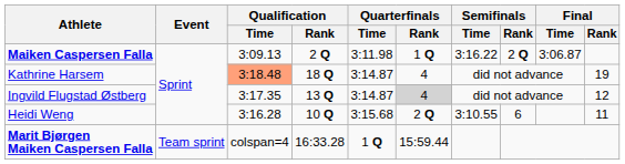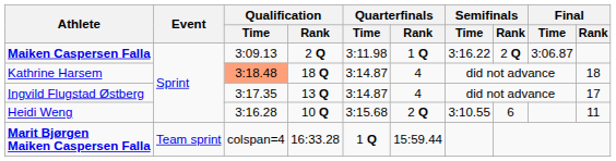 <table class="wikitable" style="font-size:90%">
 <tr>
 <th rowspan=2>Athlete</th>
 <th rowspan=2>Event</th>
 <th colspan=2>Qualification</th>
 <th colspan=2>Quarterfinals</th>
 <th colspan=2>Semifinals</th>
 <th colspan=2>Final</th>
 </tr>
 <tr style="font-size:95%">
 <th>Time</th>
 <th>Rank</th>
 <th>Time</th>
 <th>Rank</th>
 <th>Time</th>
 <th>Rank</th>
 <th>Time</th>
 <th>Rank</th>
 </tr>
 <tr align=center>
 <td align=left><strong><a href='#'>Maiken Caspersen Falla</a></strong></td>
 <td align=left rowspan=4><a href='#'>Sprint</a></td>
 <td>3:09.13</td>
 <td>2 <strong>Q</strong></td>
 <td>3:11.98</td>
 <td>1 <strong>Q</strong></td>
 <td>3:16.22</td>
 <td>2 <strong>Q</strong></td>
 <td>3:06.87</td>
 <td></td>
 </tr>
 <tr align=center>
 <td align=left><a href='#'>Kathrine Harsem</a></td>
 <td style="background: lightsalmon;">3:18.48</td>
 <td>18 <strong>Q</strong></td>
 <td>3:14.87</td>
 <td>4</td>
 <td colspan=3>did not advance</td>
-<td>19</td>
+<td>18</td>
 </tr>
 <tr align=center>
 <td align=left><a href='#'>Ingvild Flugstad Østberg</a></td>
 <td>3:17.35</td>
 <td>13 <strong>Q</strong></td>
 <td>3:14.87</td>
-<td style="background: lightgrey;">4</td>
+<td>4</td>
 <td colspan=3>did not advance</td>
-<td>12</td>
+<td>17</td>
 </tr>
 <tr align=center>
 <td align=left><a href='#'>Heidi Weng</a></td>
 <td>3:16.28</td>
 <td>10 <strong>Q</strong></td>
 <td>3:15.68</td>
 <td>2 <strong>Q</strong></td>
 <td>3:10.55</td>
 <td>6</td>
 <td></td>
 <td>11</td>
 </tr>
 <tr align=center>
 <td align=left><strong><a href='#'>Marit Bjørgen</a> <br> <a href='#'>Maiken Caspersen Falla</a></strong></td>
 <td align=left><a href='#'>Team sprint</a></td>
 <td>colspan=4 </td>
 <td>16:33.28</td>
 <td>1 <strong>Q</strong></td>
 <td>15:59.44</td>
 <td></td>
 </tr>
 </table>
